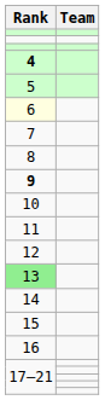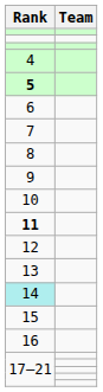 <table class="wikitable">
 <tr>
 <th>Rank</th>
 <th>Team</th>
 </tr>
 <tr bgcolor="#ccffcc">
 <td align=center></td>
 <td></td>
 </tr>
 <tr>
 <td align=center></td>
 <td></td>
 </tr>
 <tr bgcolor="#ccffcc">
 <td align=center></td>
 <td></td>
 </tr>
 <tr bgcolor="#ccffcc">
-<td align=center><strong>4</strong></td>
+<td align=center>4</td>
 <td></td>
 </tr>
 <tr bgcolor="#ccffcc">
-<td align=center>5</td>
+<td align=center><strong>5</strong></td>
 <td></td>
 </tr>
 <tr>
-<td align=center style="background: lightyellow;">6</td>
+<td align=center>6</td>
 <td></td>
 </tr>
 <tr>
 <td align=center>7</td>
 <td></td>
 </tr>
 <tr>
 <td align=center>8</td>
 <td></td>
 </tr>
 <tr>
-<td align=center><strong>9</strong></td>
+<td align=center>9</td>
 <td></td>
 </tr>
 <tr>
 <td align=center>10</td>
 <td></td>
 </tr>
 <tr>
-<td align=center>11</td>
+<td align=center><strong>11</strong></td>
 <td></td>
 </tr>
 <tr>
 <td align=center>12</td>
 <td></td>
 </tr>
 <tr>
-<td align=center style="background: lightgreen;">13</td>
+<td align=center>13</td>
 <td></td>
 </tr>
 <tr>
-<td align=center>14</td>
+<td align=center style="background: paleturquoise;">14</td>
 <td></td>
 </tr>
 <tr>
 <td align=center>15</td>
 <td></td>
 </tr>
 <tr>
 <td align=center>16</td>
 <td></td>
 </tr>
 <tr>
 <td align=center rowspan=5>17–21</td>
 <td></td>
 </tr>
 <tr>
 <td></td>
 </tr>
 <tr>
 <td></td>
 </tr>
 <tr>
 <td></td>
 </tr>
 <tr>
 <td></td>
 </tr>
 </table>
